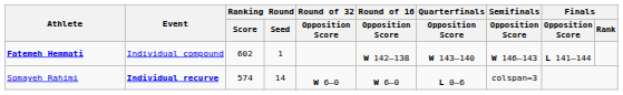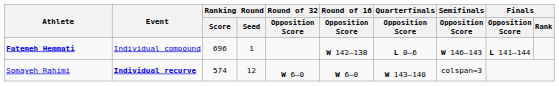 <table class="wikitable" style="text-align: center; font-size:90%">
 <tr>
 <th rowspan="2" width="160">Athlete</th>
 <th rowspan="2">Event</th>
 <th colspan="2">Ranking Round</th>
 <th>Round of 32</th>
 <th>Round of 16</th>
 <th>Quarterfinals</th>
 <th>Semifinals</th>
 <th colspan="2">Finals</th>
 </tr>
 <tr style="font-size:95%">
 <th>Score</th>
 <th>Seed</th>
 <th>Opposition<br>Score</th>
 <th>Opposition<br>Score</th>
 <th>Opposition<br>Score</th>
 <th>Opposition<br>Score</th>
 <th>Opposition<br>Score</th>
 <th>Rank</th>
 </tr>
 <tr>
 <td align=left><strong><a href='#'>Fatemeh Hemmati</a></strong></td>
 <td align=left><a href='#'>Individual compound</a></td>
-<td>602</td>
+<td>696</td>
 <td>1 <strong></strong></td>
 <td></td>
 <td><br><strong>W</strong> 142–138</td>
-<td><br><strong>W</strong> 143–140</td>
+<td><br><strong>L</strong> 0–6</td>
 <td><br><strong>W</strong> 146–143</td>
 <td><br><strong>L</strong> 141–144</td>
 <td></td>
 </tr>
 <tr>
 <td align=left><a href='#'>Somayeh Rahimi</a></td>
 <td align=left><strong><a href='#'>Individual recurve</a></strong></td>
 <td>574</td>
-<td>14</td>
+<td>12</td>
 <td><br><strong>W</strong> 6–0</td>
 <td><br><strong>W</strong> 6–0</td>
-<td><br><strong>L</strong> 0–6</td>
+<td><br><strong>W</strong> 143–140</td>
 <td>colspan=3 </td>
 </tr>
 </table>
